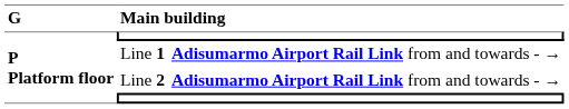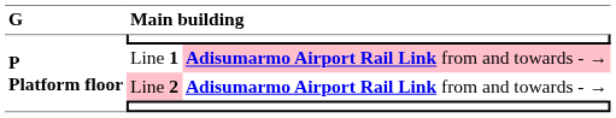 <table cellspacing="0" cellpadding="3">
 <tr>
 <td style="border-top:solid 1px gray;"><strong>G</strong></td>
 <td colspan="2" style="border-top:solid 1px gray;"><strong>Main building</strong></td>
 </tr>
 <tr>
 <td rowspan="4" style="border-top:solid 1px gray;border-bottom:solid 1px gray;"><strong>P</strong><br><strong>Platform floor</strong></td>
 <td colspan="2" style="border-top:solid 1px gray;border-left:solid 2px black;border-right:solid 2px black;border-bottom:solid 2px black; text-align:center"></td>
 </tr>
 <tr>
 <td>Line <strong>1</strong></td>
-<td> <strong><a href='#'>Adisumarmo Airport Rail Link</a></strong> from and towards -  →</td>
+<td style="background: pink;"> <strong><a href='#'>Adisumarmo Airport Rail Link</a></strong> from and towards -  →</td>
 </tr>
 <tr>
-<td>Line <strong>2</strong></td>
+<td style="background: pink;">Line <strong>2</strong></td>
 <td> <strong><a href='#'>Adisumarmo Airport Rail Link</a></strong> from and towards -  →</td>
 </tr>
 <tr>
 <td colspan="2" style="border-top:solid 2px black;border-left:solid 2px black;border-right:solid 2px black;border-bottom:solid 2px black; text-align:center"></td>
 </tr>
 </table>
